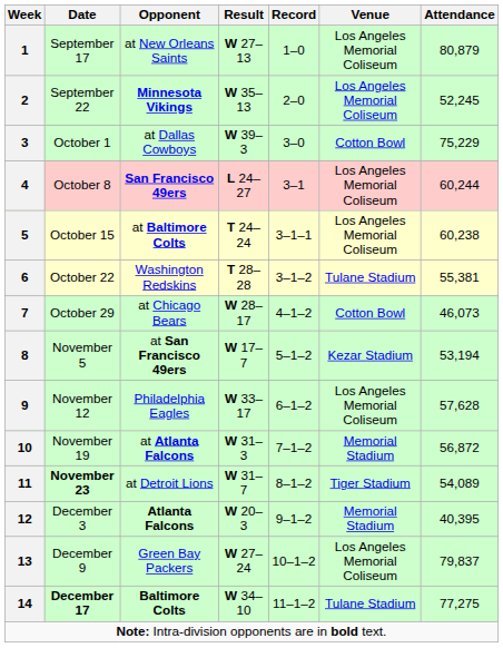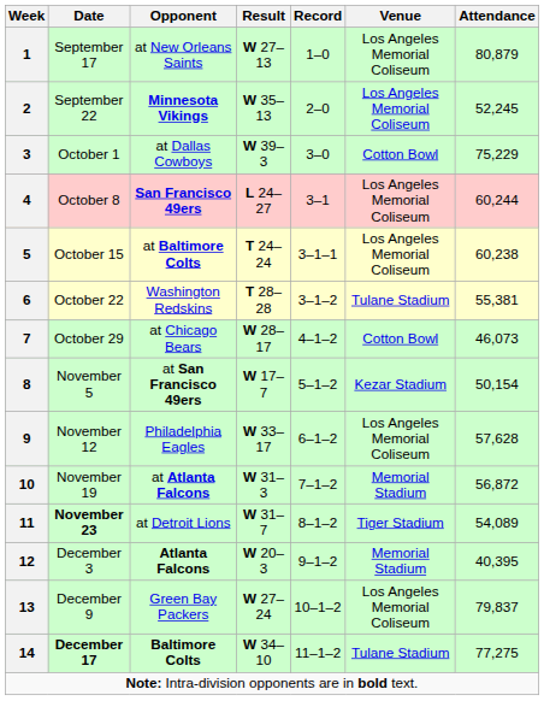 <table class="wikitable" style="text-align:center">
 <tr>
 <th>Week</th>
 <th>Date</th>
 <th>Opponent</th>
 <th>Result</th>
 <th>Record</th>
 <th>Venue</th>
 <th>Attendance</th>
 </tr>
 <tr style="background:#cfc">
 <th>1</th>
 <td>September 17</td>
 <td>at <a href='#'>New Orleans Saints</a></td>
 <td><strong>W</strong> 27–13</td>
 <td>1–0</td>
 <td>Los Angeles Memorial Coliseum</td>
 <td>80,879</td>
 </tr>
 <tr style="background:#cfc">
 <th>2</th>
 <td>September 22</td>
 <td><strong><a href='#'>Minnesota Vikings</a></strong></td>
 <td><strong>W</strong> 35–13</td>
 <td>2–0</td>
 <td><a href='#'>Los Angeles Memorial Coliseum</a></td>
 <td>52,245</td>
 </tr>
 <tr style="background:#cfc">
 <th>3</th>
 <td>October 1</td>
 <td>at <a href='#'>Dallas Cowboys</a></td>
 <td><strong>W</strong> 39–3</td>
 <td>3–0</td>
 <td><a href='#'>Cotton Bowl</a></td>
 <td>75,229</td>
 </tr>
 <tr style="background:#fcc">
 <th>4</th>
 <td>October 8</td>
 <td><strong><a href='#'>San Francisco 49ers</a></strong></td>
 <td><strong>L</strong> 24–27</td>
 <td>3–1</td>
 <td>Los Angeles Memorial Coliseum</td>
 <td>60,244</td>
 </tr>
 <tr style="background:#ffc">
 <th>5</th>
 <td>October 15</td>
 <td>at <strong><a href='#'>Baltimore Colts</a></strong></td>
 <td><strong>T</strong> 24–24</td>
 <td>3–1–1</td>
 <td>Los Angeles Memorial Coliseum</td>
 <td>60,238</td>
 </tr>
 <tr style="background:#ffc">
 <th>6</th>
 <td>October 22</td>
 <td><a href='#'>Washington Redskins</a></td>
 <td><strong>T</strong> 28–28</td>
 <td>3–1–2</td>
 <td><a href='#'>Tulane Stadium</a></td>
 <td>55,381</td>
 </tr>
 <tr style="background:#cfc">
 <th>7</th>
 <td>October 29</td>
 <td>at <a href='#'>Chicago Bears</a></td>
 <td><strong>W</strong> 28–17</td>
 <td>4–1–2</td>
 <td><a href='#'>Cotton Bowl</a></td>
 <td>46,073</td>
 </tr>
 <tr style="background:#cfc">
 <th>8</th>
 <td>November 5</td>
 <td>at <strong>San Francisco 49ers</strong></td>
 <td><strong>W</strong> 17–7</td>
 <td>5–1–2</td>
 <td><a href='#'>Kezar Stadium</a></td>
-<td>53,194</td>
+<td>50,154</td>
 </tr>
 <tr style="background:#cfc">
 <th>9</th>
 <td>November 12</td>
 <td><a href='#'>Philadelphia Eagles</a></td>
 <td><strong>W</strong> 33–17</td>
 <td>6–1–2</td>
 <td>Los Angeles Memorial Coliseum</td>
 <td>57,628</td>
 </tr>
 <tr style="background:#cfc">
 <th>10</th>
 <td>November 19</td>
 <td>at <strong><a href='#'>Atlanta Falcons</a></strong></td>
 <td><strong>W</strong> 31–3</td>
 <td>7–1–2</td>
 <td><a href='#'>Memorial Stadium</a></td>
 <td>56,872</td>
 </tr>
 <tr style="background:#cfc">
 <th>11</th>
 <td><strong>November 23</strong></td>
 <td>at <a href='#'>Detroit Lions</a></td>
 <td><strong>W</strong> 31–7</td>
 <td>8–1–2</td>
 <td><a href='#'>Tiger Stadium</a></td>
 <td>54,089</td>
 </tr>
 <tr style="background:#cfc">
 <th>12</th>
 <td>December 3</td>
 <td><strong>Atlanta Falcons</strong></td>
 <td><strong>W</strong> 20–3</td>
 <td>9–1–2</td>
 <td><a href='#'>Memorial Stadium</a></td>
 <td>40,395</td>
 </tr>
 <tr style="background:#cfc">
 <th>13</th>
 <td>December 9</td>
 <td><a href='#'>Green Bay Packers</a></td>
 <td><strong>W</strong> 27–24</td>
 <td>10–1–2</td>
 <td>Los Angeles Memorial Coliseum</td>
 <td>79,837</td>
 </tr>
 <tr style="background:#cfc">
 <th>14</th>
 <td><strong>December 17</strong></td>
 <td><strong>Baltimore Colts</strong></td>
 <td><strong>W</strong> 34–10</td>
 <td>11–1–2</td>
 <td><a href='#'>Tulane Stadium</a></td>
 <td>77,275</td>
 </tr>
 <tr>
 <td colspan="8"><strong>Note:</strong> Intra-division opponents are in <strong>bold</strong> text.</td>
 </tr>
 </table>
